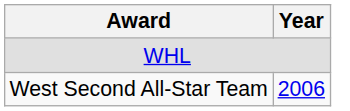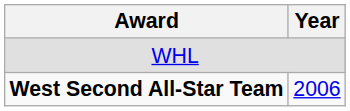 <table class="wikitable">
 <tr>
 <th>Award</th>
 <th>Year</th>
 </tr>
 <tr ALIGN="center" bgcolor="#e0e0e0">
 <td colspan="2"><a href='#'>WHL</a></td>
 </tr>
 <tr>
-<td>West Second All-Star Team</td>
+<td><strong>West Second All-Star Team</strong></td>
 <td><a href='#'>2006</a></td>
 </tr>
 </table>
